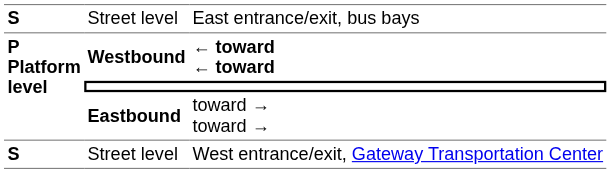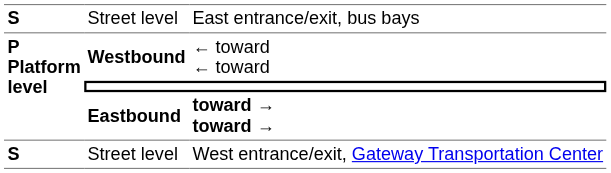 <table cellpadding="3" cellspacing="0" border="0">
 <tr>
 <td style="border-top:solid 1px gray"><strong>S</strong></td>
 <td style="border-top:solid 1px gray">Street level</td>
 <td style="border-top:solid 1px gray">East entrance/exit, bus bays</td>
 </tr>
 <tr>
 <td rowspan="3" valign="top" width="50" style="border-top:solid 1px gray;border-bottom:solid 1px gray;"><strong>P</strong> <br><strong>Platform level</strong></td>
 <td style="border-top:solid 1px gray;"><strong>Westbound</strong></td>
-<td style="border-top:solid 1px gray;"><strong>←  toward  <br>←  toward  </strong></td>
+<td style="border-top:solid 1px gray;">←  toward  <br>←  toward  </td>
 </tr>
 <tr>
 <td style="border-top:solid 2px black;border-right:solid 2px black;border-left:solid 2px black;border-bottom:solid 2px black;text-align:center" colspan=2></td>
 </tr>
 <tr>
 <td style="border-bottom:solid 1px gray"><strong>Eastbound</strong></td>
-<td style="border-bottom:solid 1px gray">  toward   →<br>  toward   →</td>
+<td style="border-bottom:solid 1px gray"><strong>  toward   →<br>  toward   →</strong></td>
 </tr>
 <tr>
 <td style="border-bottom:solid 1px gray"><strong>S</strong></td>
 <td valign="top" style="border-bottom:solid 1px gray;">Street level</td>
 <td valign="top" style="border-bottom:solid 1px gray;">West entrance/exit, <a href='#'>Gateway Transportation Center</a></td>
 </tr>
 </table>
